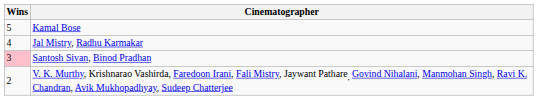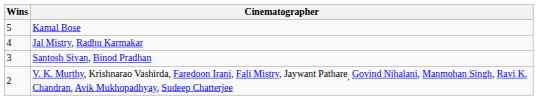 <table class="wikitable">
 <tr>
 <th>Wins</th>
 <th>Cinematographer</th>
 </tr>
 <tr>
 <td>5</td>
 <td><a href='#'>Kamal Bose</a></td>
 </tr>
 <tr>
 <td>4</td>
 <td><a href='#'>Jal Mistry</a>, <a href='#'>Radhu Karmakar</a></td>
 </tr>
 <tr>
-<td style="background: pink;">3</td>
+<td>3</td>
 <td><a href='#'>Santosh Sivan</a>, <a href='#'>Binod Pradhan</a></td>
 </tr>
 <tr>
 <td>2</td>
 <td><a href='#'>V. K. Murthy</a>, Krishnarao Vashirda, <a href='#'>Faredoon Irani</a>, <a href='#'>Fali Mistry</a>, Jaywant Pathare<sub>,</sub> <a href='#'>Govind Nihalani</a>, <a href='#'>Manmohan Singh</a>, <a href='#'>Ravi K. Chandran</a>, <a href='#'>Avik Mukhopadhyay</a>, <a href='#'>Sudeep Chatterjee</a></td>
 </tr>
 </table>
